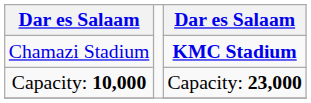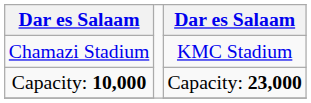 <table class="wikitable" style="text-align:center; margin:0.2em auto;">
 <tr>
 <th><a href='#'>Dar es Salaam</a></th>
 <td rowspan="4"></td>
 <th><a href='#'>Dar es Salaam</a></th>
 </tr>
 <tr>
 <td><a href='#'>Chamazi Stadium</a></td>
-<td><strong><a href='#'>KMC Stadium</a></strong></td>
+<td><a href='#'>KMC Stadium</a></td>
 </tr>
 <tr>
 <td>Capacity: <strong>10,000</strong></td>
 <td>Capacity: <strong>23,000</strong></td>
 </tr>
 <tr>
 </tr>
 </table>
